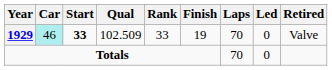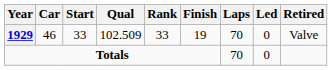 <table class="wikitable" style="text-align:center">
 <tr>
 <th>Year</th>
 <th>Car</th>
 <th>Start</th>
 <th>Qual</th>
 <th>Rank</th>
 <th>Finish</th>
 <th>Laps</th>
 <th>Led</th>
 <th>Retired</th>
 </tr>
 <tr>
 <th><a href='#'>1929</a></th>
-<td style="background: paleturquoise;">46</td>
-<td><strong>33</strong></td>
+<td>46</td>
+<td>33</td>
 <td>102.509</td>
 <td>33</td>
 <td>19</td>
 <td>70</td>
 <td>0</td>
 <td>Valve</td>
 </tr>
 <tr>
 <td colspan=6><strong>Totals</strong></td>
 <td>70</td>
 <td>0</td>
 <td></td>
 </tr>
 </table>
